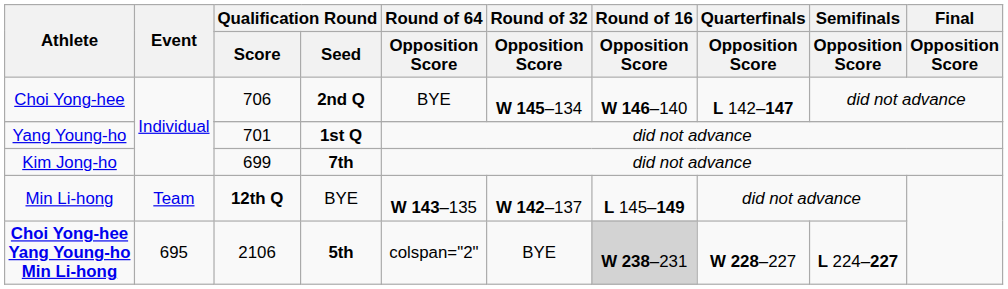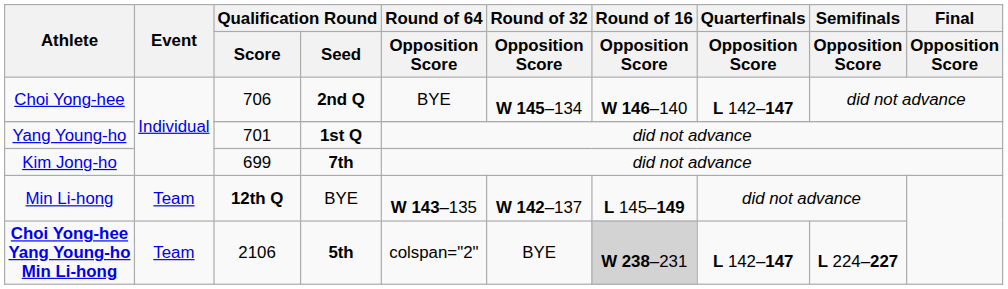 <table class="wikitable" style="font-size:90%; text-align:center;">
 <tr>
 <th rowspan="2">Athlete</th>
 <th rowspan="2">Event</th>
 <th colspan="2">Qualification Round</th>
 <th>Round of 64</th>
 <th>Round of 32</th>
 <th>Round of 16</th>
 <th>Quarterfinals</th>
 <th>Semifinals</th>
 <th>Final</th>
 </tr>
 <tr>
 <th>Score</th>
 <th>Seed</th>
 <th>Opposition<br>Score</th>
 <th>Opposition<br>Score</th>
 <th>Opposition<br>Score</th>
 <th>Opposition<br>Score</th>
 <th>Opposition<br>Score</th>
 <th>Opposition<br>Score</th>
 </tr>
 <tr>
 <td><a href='#'>Choi Yong-hee</a></td>
 <td rowspan=4><a href='#'>Individual</a></td>
 <td align=center>706</td>
 <td align=center><strong>2nd Q</strong></td>
 <td align=center>BYE</td>
 <td align=center><br><strong>W</strong> <strong>145</strong>–134</td>
 <td align=center><br><strong>W</strong> <strong>146</strong>–140</td>
 <td align=center><br><strong>L</strong> 142–<strong>147</strong></td>
 <td align=center colspan="2"><em>did not advance</em></td>
 </tr>
 <tr>
 </tr>
 <tr>
 <td><a href='#'>Yang Young-ho</a></td>
 <td align=center>701</td>
 <td align=center><strong>1st Q</strong></td>
 <td align=center colspan="7"><em>did not advance</em></td>
 </tr>
 <tr>
 <td><a href='#'>Kim Jong-ho</a></td>
 <td align=center>699</td>
 <td align=center><strong>7th</strong></td>
 <td align=center colspan="7"><em>did not advance</em></td>
 </tr>
 <tr>
 <td><a href='#'>Min Li-hong</a></td>
 <td align=center><a href='#'>Team</a></td>
 <td align=center><strong>12th Q</strong></td>
 <td align=center>BYE</td>
 <td align=center><br><strong>W</strong> <strong>143</strong>–135</td>
 <td align=center><br><strong>W</strong> <strong>142</strong>–137</td>
 <td align=center><br><strong>L</strong> 145–<strong>149</strong></td>
 <td align=center colspan="2"><em>did not advance</em></td>
 </tr>
 <tr>
 <td><strong><a href='#'>Choi Yong-hee</a><br><a href='#'>Yang Young-ho</a><br><a href='#'>Min Li-hong</a></strong></td>
-<td align=center>695</td>
+<td align=center><a href='#'>Team</a></td>
 <td align=center>2106</td>
 <td align=center><strong>5th</strong></td>
 <td>colspan="2" </td>
 <td align=center>BYE</td>
 <td align=center style="background: lightgrey;"><br><strong>W</strong> <strong>238</strong>–231</td>
-<td align=center><br><strong>W</strong> <strong>228</strong>–227</td>
+<td align=center><br><strong>L</strong> 142–<strong>147</strong></td>
 <td align=center><br><strong>L</strong> 224–<strong>227</strong><br></td>
 </tr>
 </table>
